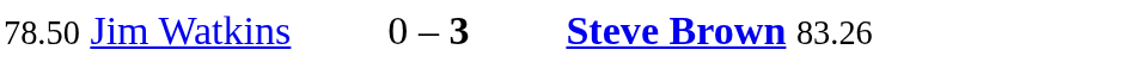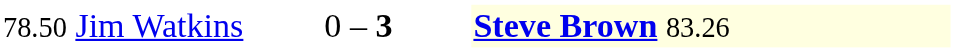 <table style="text-align:center">
 <tr>
 <th width=223></th>
 <th width=100></th>
 <th width=223></th>
 </tr>
 <tr>
 <td align=right><small>78.50</small> <a href='#'>Jim Watkins</a> </td>
 <td>0 – <strong>3</strong></td>
-<td align=left> <strong><a href='#'>Steve Brown</a></strong> <small>83.26</small></td>
+<td align=left style="background: lightyellow;"> <strong><a href='#'>Steve Brown</a></strong> <small>83.26</small></td>
 </tr>
 </table>
